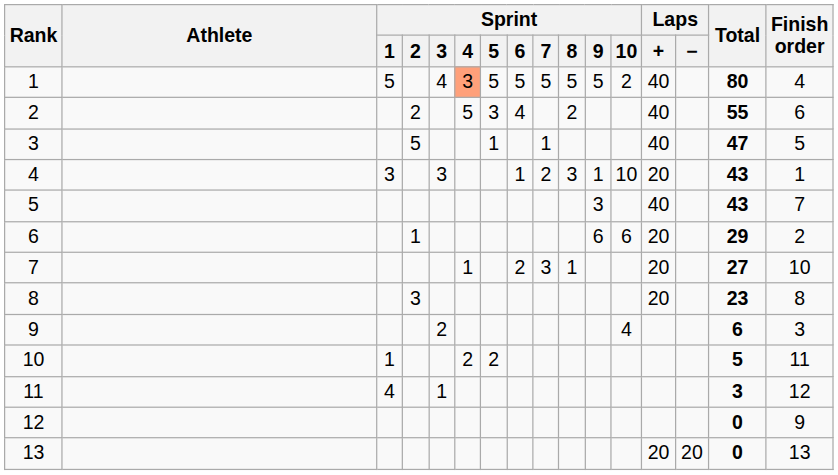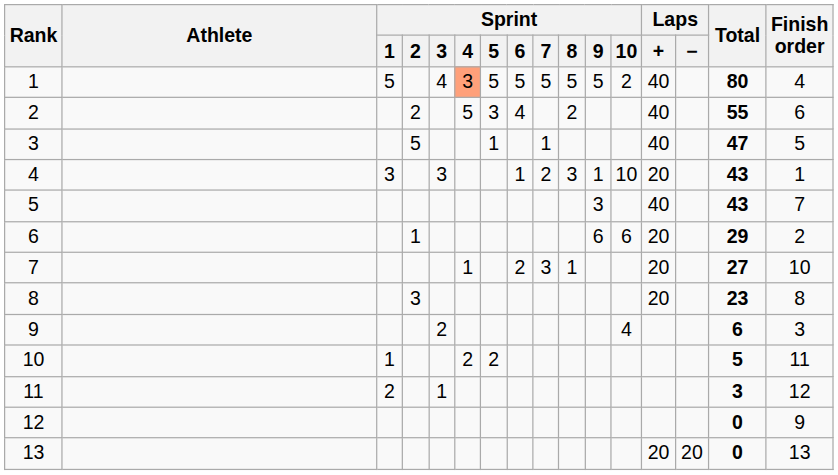 <table class="wikitable" style="text-align:center">
 <tr>
 <th rowspan=2 width=40>Rank</th>
 <th rowspan=2 width=250>Athlete</th>
 <th colspan=10>Sprint</th>
 <th colspan=2>Laps</th>
 <th rowspan=2 width=40>Total</th>
 <th rowspan=2 width=40>Finish order</th>
 </tr>
 <tr>
 <th width=14>1</th>
 <th width=14>2</th>
 <th width=14>3</th>
 <th width=14>4</th>
 <th width=14>5</th>
 <th width=14>6</th>
 <th width=14>7</th>
 <th width=14>8</th>
 <th width=14>9</th>
 <th width=14>10</th>
 <th width=20>+</th>
 <th width=20>−</th>
 </tr>
 <tr>
 <td>1</td>
 <td align=left></td>
 <td>5</td>
 <td></td>
 <td>4</td>
 <td style="background: lightsalmon;">3</td>
 <td>5</td>
 <td>5</td>
 <td>5</td>
 <td>5</td>
 <td>5</td>
 <td>2</td>
 <td>40</td>
 <td></td>
 <td><strong>80</strong></td>
 <td>4</td>
 </tr>
 <tr>
 <td>2</td>
 <td align=left></td>
 <td></td>
 <td>2</td>
 <td></td>
 <td>5</td>
 <td>3</td>
 <td>4</td>
 <td></td>
 <td>2</td>
 <td></td>
 <td></td>
 <td>40</td>
 <td></td>
 <td><strong>55</strong></td>
 <td>6</td>
 </tr>
 <tr>
 <td>3</td>
 <td align=left></td>
 <td></td>
 <td>5</td>
 <td></td>
 <td></td>
 <td>1</td>
 <td></td>
 <td>1</td>
 <td></td>
 <td></td>
 <td></td>
 <td>40</td>
 <td></td>
 <td><strong>47</strong></td>
 <td>5</td>
 </tr>
 <tr>
 <td>4</td>
 <td align=left></td>
 <td>3</td>
 <td></td>
 <td>3</td>
 <td></td>
 <td></td>
 <td>1</td>
 <td>2</td>
 <td>3</td>
 <td>1</td>
 <td>10</td>
 <td>20</td>
 <td></td>
 <td><strong>43</strong></td>
 <td>1</td>
 </tr>
 <tr>
 <td>5</td>
 <td align=left></td>
 <td></td>
 <td></td>
 <td></td>
 <td></td>
 <td></td>
 <td></td>
 <td></td>
 <td></td>
 <td>3</td>
 <td></td>
 <td>40</td>
 <td></td>
 <td><strong>43</strong></td>
 <td>7</td>
 </tr>
 <tr>
 <td>6</td>
 <td align=left></td>
 <td></td>
 <td>1</td>
 <td></td>
 <td></td>
 <td></td>
 <td></td>
 <td></td>
 <td></td>
 <td>6</td>
 <td>6</td>
 <td>20</td>
 <td></td>
 <td><strong>29</strong></td>
 <td>2</td>
 </tr>
 <tr>
 <td>7</td>
 <td align=left></td>
 <td></td>
 <td></td>
 <td></td>
 <td>1</td>
 <td></td>
 <td>2</td>
 <td>3</td>
 <td>1</td>
 <td></td>
 <td></td>
 <td>20</td>
 <td></td>
 <td><strong>27</strong></td>
 <td>10</td>
 </tr>
 <tr>
 <td>8</td>
 <td align=left></td>
 <td></td>
 <td>3</td>
 <td></td>
 <td></td>
 <td></td>
 <td></td>
 <td></td>
 <td></td>
 <td></td>
 <td></td>
 <td>20</td>
 <td></td>
 <td><strong>23</strong></td>
 <td>8</td>
 </tr>
 <tr>
 <td>9</td>
 <td align=left></td>
 <td></td>
 <td></td>
 <td>2</td>
 <td></td>
 <td></td>
 <td></td>
 <td></td>
 <td></td>
 <td></td>
 <td>4</td>
 <td></td>
 <td></td>
 <td><strong>6</strong></td>
 <td>3</td>
 </tr>
 <tr>
 <td>10</td>
 <td align=left></td>
 <td>1</td>
 <td></td>
 <td></td>
 <td>2</td>
 <td>2</td>
 <td></td>
 <td></td>
 <td></td>
 <td></td>
 <td></td>
 <td></td>
 <td></td>
 <td><strong>5</strong></td>
 <td>11</td>
 </tr>
 <tr>
 <td>11</td>
 <td align=left></td>
-<td>4</td>
+<td>2</td>
 <td></td>
 <td>1</td>
 <td></td>
 <td></td>
 <td></td>
 <td></td>
 <td></td>
 <td></td>
 <td></td>
 <td></td>
 <td></td>
 <td><strong>3</strong></td>
 <td>12</td>
 </tr>
 <tr>
 <td>12</td>
 <td align=left></td>
 <td></td>
 <td></td>
 <td></td>
 <td></td>
 <td></td>
 <td></td>
 <td></td>
 <td></td>
 <td></td>
 <td></td>
 <td></td>
 <td></td>
 <td><strong>0</strong></td>
 <td>9</td>
 </tr>
 <tr>
 <td>13</td>
 <td align=left></td>
 <td></td>
 <td></td>
 <td></td>
 <td></td>
 <td></td>
 <td></td>
 <td></td>
 <td></td>
 <td></td>
 <td></td>
 <td>20</td>
 <td>20</td>
 <td><strong>0</strong></td>
 <td>13</td>
 </tr>
 </table>
